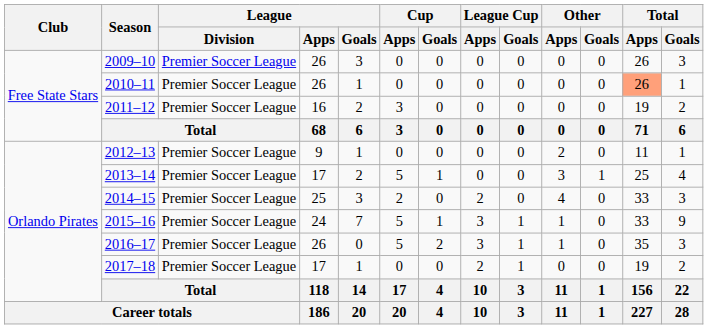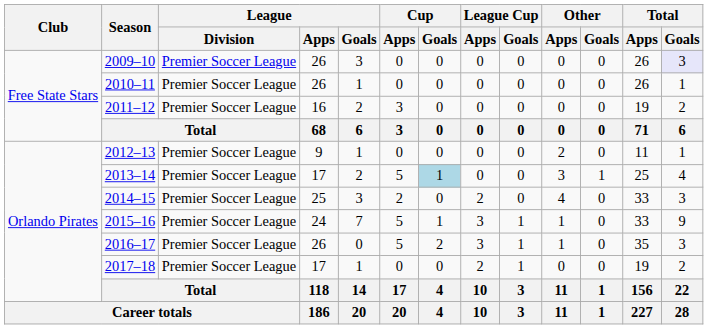 <table class="wikitable" style="text-align: center">
 <tr>
 <th rowspan="2">Club</th>
 <th rowspan="2">Season</th>
 <th colspan="3">League</th>
 <th colspan="2">Cup</th>
 <th colspan="2">League Cup</th>
 <th colspan="2">Other</th>
 <th colspan="2">Total</th>
 </tr>
 <tr>
 <th>Division</th>
 <th>Apps</th>
 <th>Goals</th>
 <th>Apps</th>
 <th>Goals</th>
 <th>Apps</th>
 <th>Goals</th>
 <th>Apps</th>
 <th>Goals</th>
 <th>Apps</th>
 <th>Goals</th>
 </tr>
 <tr>
 <td rowspan="4"><a href='#'>Free State Stars</a></td>
 <td><a href='#'>2009–10</a></td>
 <td><a href='#'>Premier Soccer League</a></td>
 <td>26</td>
 <td>3</td>
 <td>0</td>
 <td>0</td>
 <td>0</td>
 <td>0</td>
 <td>0</td>
 <td>0</td>
 <td>26</td>
-<td>3</td>
+<td style="background: lavender;">3</td>
 </tr>
 <tr>
 <td><a href='#'>2010–11</a></td>
 <td>Premier Soccer League</td>
 <td>26</td>
 <td>1</td>
 <td>0</td>
 <td>0</td>
 <td>0</td>
 <td>0</td>
 <td>0</td>
 <td>0</td>
-<td style="background: lightsalmon;">26</td>
+<td>26</td>
 <td>1</td>
 </tr>
 <tr>
 <td><a href='#'>2011–12</a></td>
 <td>Premier Soccer League</td>
 <td>16</td>
 <td>2</td>
 <td>3</td>
 <td>0</td>
 <td>0</td>
 <td>0</td>
 <td>0</td>
 <td>0</td>
 <td>19</td>
 <td>2</td>
 </tr>
 <tr>
 <th colspan="2">Total</th>
 <th>68</th>
 <th>6</th>
 <th>3</th>
 <th>0</th>
 <th>0</th>
 <th>0</th>
 <th>0</th>
 <th>0</th>
 <th>71</th>
 <th>6</th>
 </tr>
 <tr>
 <td rowspan="7"><a href='#'>Orlando Pirates</a></td>
 <td><a href='#'>2012–13</a></td>
 <td>Premier Soccer League</td>
 <td>9</td>
 <td>1</td>
 <td>0</td>
 <td>0</td>
 <td>0</td>
 <td>0</td>
 <td>2</td>
 <td>0</td>
 <td>11</td>
 <td>1</td>
 </tr>
 <tr>
 <td><a href='#'>2013–14</a></td>
 <td>Premier Soccer League</td>
 <td>17</td>
 <td>2</td>
 <td>5</td>
-<td>1</td>
+<td style="background: lightblue;">1</td>
 <td>0</td>
 <td>0</td>
 <td>3</td>
 <td>1</td>
 <td>25</td>
 <td>4</td>
 </tr>
 <tr>
 <td><a href='#'>2014–15</a></td>
 <td>Premier Soccer League</td>
 <td>25</td>
 <td>3</td>
 <td>2</td>
 <td>0</td>
 <td>2</td>
 <td>0</td>
 <td>4</td>
 <td>0</td>
 <td>33</td>
 <td>3</td>
 </tr>
 <tr>
 <td><a href='#'>2015–16</a></td>
 <td>Premier Soccer League</td>
 <td>24</td>
 <td>7</td>
 <td>5</td>
 <td>1</td>
 <td>3</td>
 <td>1</td>
 <td>1</td>
 <td>0</td>
 <td>33</td>
 <td>9</td>
 </tr>
 <tr>
 <td><a href='#'>2016–17</a></td>
 <td>Premier Soccer League</td>
 <td>26</td>
 <td>0</td>
 <td>5</td>
 <td>2</td>
 <td>3</td>
 <td>1</td>
 <td>1</td>
 <td>0</td>
 <td>35</td>
 <td>3</td>
 </tr>
 <tr>
 <td><a href='#'>2017–18</a></td>
 <td>Premier Soccer League</td>
 <td>17</td>
 <td>1</td>
 <td>0</td>
 <td>0</td>
 <td>2</td>
 <td>1</td>
 <td>0</td>
 <td>0</td>
 <td>19</td>
 <td>2</td>
 </tr>
 <tr>
 <th colspan="2">Total</th>
 <th>118</th>
 <th>14</th>
 <th>17</th>
 <th>4</th>
 <th>10</th>
 <th>3</th>
 <th>11</th>
 <th>1</th>
 <th>156</th>
 <th>22</th>
 </tr>
 <tr>
 <th colspan="3">Career totals</th>
 <th>186</th>
 <th>20</th>
 <th>20</th>
 <th>4</th>
 <th>10</th>
 <th>3</th>
 <th>11</th>
 <th>1</th>
 <th>227</th>
 <th>28</th>
 </tr>
 </table>
